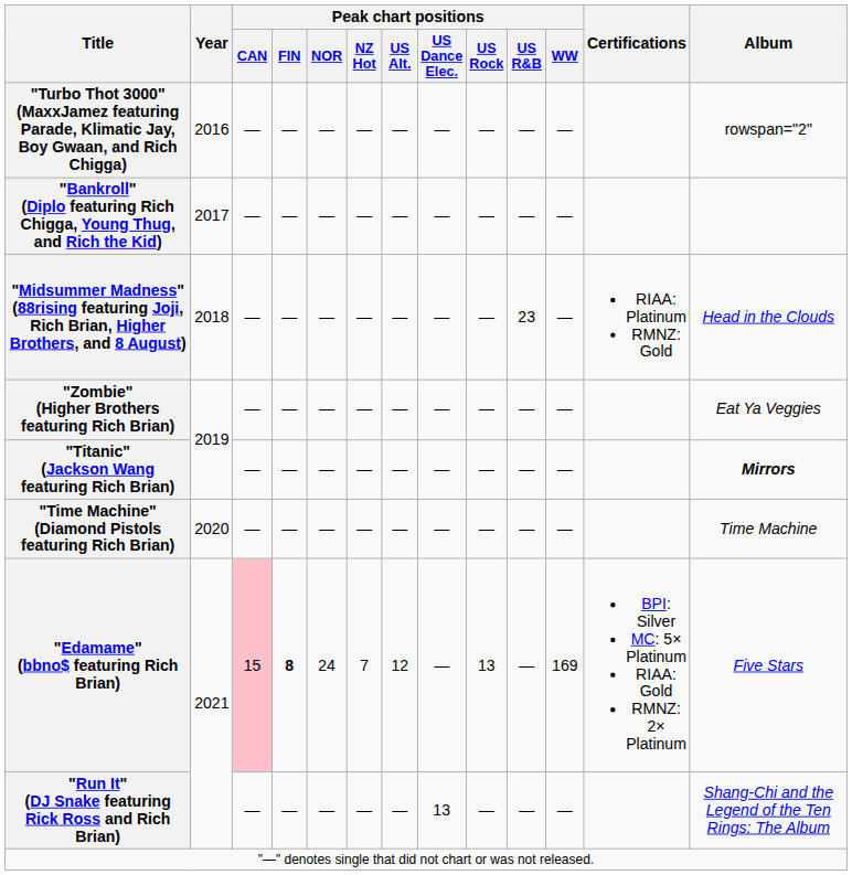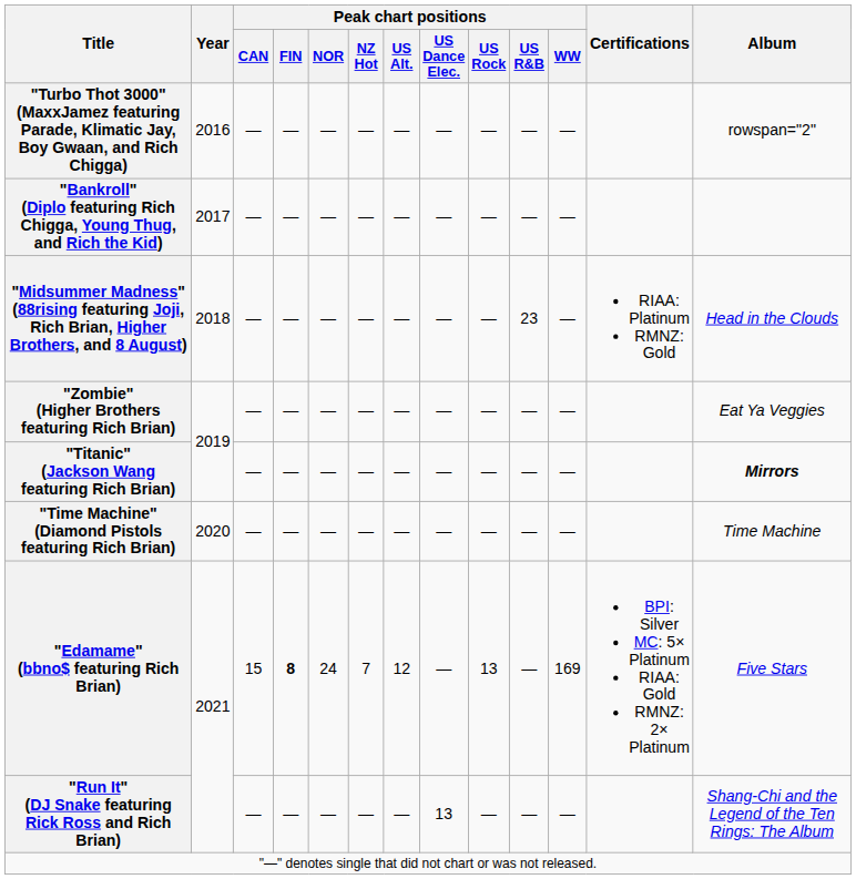 <table class="wikitable plainrowheaders" style="text-align:center;">
 <tr>
 <th scope="col" rowspan="2" style="width:17em;">Title</th>
 <th scope="col" rowspan="2">Year</th>
 <th scope="col" colspan="9">Peak chart positions</th>
 <th scope="col" rowspan="2" style="width:13.7em:">Certifications</th>
 <th scope="col" rowspan="2" style="width:13.7em;">Album</th>
 </tr>
 <tr>
 <th scope="col" style="width:2.5em;font-size:90%;"><a href='#'>CAN</a><br></th>
 <th scope="col" style="width:2.5em;font-size:90%;"><a href='#'>FIN</a><br></th>
 <th scope="col" style="width:2.5em;font-size:90%;"><a href='#'>NOR</a><br></th>
 <th scope="col" style="width:2.5em;font-size:90%;"><a href='#'>NZ<br>Hot</a><br></th>
 <th scope="col" style="width:2.5em;font-size:90%;"><a href='#'>US<br>Alt.</a><br></th>
 <th scope="col" style="width:2.5em;font-size:90%;"><a href='#'>US<br>Dance<br>Elec.</a><br></th>
 <th scope="col" style="width:2.5em;font-size:90%;"><a href='#'>US<br>Rock</a><br></th>
 <th scope="col" style="width:2.5em;font-size:90%;"><a href='#'>US<br>R&B</a><br></th>
 <th scope="col" style="width:2.5em;font-size:90%;"><a href='#'>WW</a><br></th>
 </tr>
 <tr>
 <th scope="row">"Turbo Thot 3000"<br><span>(MaxxJamez featuring Parade, Klimatic Jay, Boy Gwaan, and Rich Chigga)</span></th>
 <td>2016</td>
 <td>—</td>
 <td>—</td>
 <td>—</td>
 <td>—</td>
 <td>—</td>
 <td>—</td>
 <td>—</td>
 <td>—</td>
 <td>—</td>
 <td></td>
 <td>rowspan="2" </td>
 </tr>
 <tr>
 <th scope="row">"<a href='#'>Bankroll</a>"<br><span>(<a href='#'>Diplo</a> featuring Rich Chigga, <a href='#'>Young Thug</a>, and <a href='#'>Rich the Kid</a>)</span></th>
 <td>2017</td>
 <td>—</td>
 <td>—</td>
 <td>—</td>
 <td>—</td>
 <td>—</td>
 <td>—</td>
 <td>—</td>
 <td>—</td>
 <td>—</td>
 <td></td>
 </tr>
 <tr>
 <th scope="row">"<a href='#'>Midsummer Madness</a>"<br><span>(<a href='#'>88rising</a> featuring <a href='#'>Joji</a>, Rich Brian, <a href='#'>Higher Brothers</a>, and <a href='#'>8 August</a>)</span></th>
 <td>2018</td>
 <td>—</td>
 <td>—</td>
 <td>—</td>
 <td>—</td>
 <td>—</td>
 <td>—</td>
 <td>—</td>
 <td>23</td>
 <td>—</td>
 <td><br><ul><li>RIAA: Platinum</li><li>RMNZ: Gold</li></ul></td>
 <td><em><a href='#'>Head in the Clouds</a></em></td>
 </tr>
 <tr>
 <th scope="row">"Zombie"<br><span>(Higher Brothers featuring Rich Brian)</span></th>
 <td rowspan="2">2019</td>
 <td>—</td>
 <td>—</td>
 <td>—</td>
 <td>—</td>
 <td>—</td>
 <td>—</td>
 <td>—</td>
 <td>—</td>
 <td>—</td>
 <td></td>
 <td><em>Eat Ya Veggies</em></td>
 </tr>
 <tr>
 <th scope="row">"Titanic"<br><span>(<a href='#'>Jackson Wang</a> featuring Rich Brian)</span></th>
 <td>—</td>
 <td>—</td>
 <td>—</td>
 <td>—</td>
 <td>—</td>
 <td>—</td>
 <td>—</td>
 <td>—</td>
 <td>—</td>
 <td></td>
 <td><strong><em>Mirrors</em></strong></td>
 </tr>
 <tr>
 <th scope="row">"Time Machine"<br><span>(Diamond Pistols featuring Rich Brian)</span></th>
 <td>2020</td>
 <td>—</td>
 <td>—</td>
 <td>—</td>
 <td>—</td>
 <td>—</td>
 <td>—</td>
 <td>—</td>
 <td>—</td>
 <td>—</td>
 <td></td>
 <td><em>Time Machine</em></td>
 </tr>
 <tr>
 <th scope="row">"<a href='#'>Edamame</a>"<br><span>(<a href='#'>bbno$</a> featuring Rich Brian)</span></th>
 <td rowspan="2">2021</td>
-<td style="background: pink;">15</td>
+<td>15</td>
 <td><strong>8</strong></td>
 <td>24</td>
 <td>7</td>
 <td>12</td>
 <td>—</td>
 <td>13</td>
 <td>—</td>
 <td>169</td>
 <td><br><ul><li><a href='#'>BPI</a>: Silver</li><li><a href='#'>MC</a>: 5× Platinum</li><li>RIAA: Gold</li><li>RMNZ: 2× Platinum</li></ul></td>
 <td><em><a href='#'>Five Stars</a></em></td>
 </tr>
 <tr>
 <th scope="row">"<a href='#'>Run It</a>"<br><span>(<a href='#'>DJ Snake</a> featuring <a href='#'>Rick Ross</a> and Rich Brian)</span></th>
 <td>—</td>
 <td>—</td>
 <td>—</td>
 <td>—</td>
 <td>—</td>
 <td>13</td>
 <td>—</td>
 <td>—</td>
 <td>—</td>
 <td></td>
 <td><em><a href='#'>Shang-Chi and the Legend of the Ten Rings: The Album</a></em></td>
 </tr>
 <tr>
 <td colspan="13" style="font-size:85%">"—" denotes single that did not chart or was not released.</td>
 </tr>
 </table>
